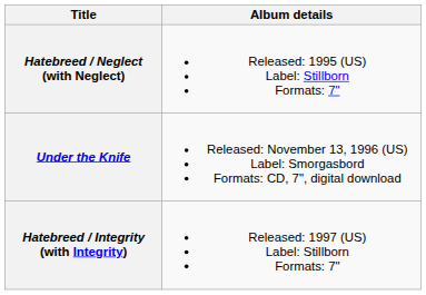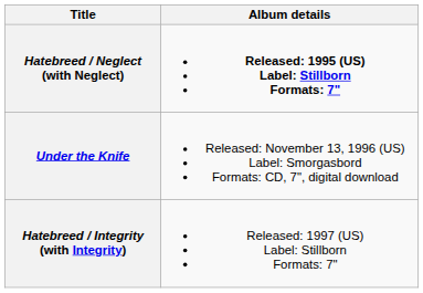 <table class="wikitable plainrowheaders" style="text-align:center;">
 <tr>
 <th scope="col" style="width:12em;">Title</th>
 <th scope="col" style="width:20em;">Album details</th>
 </tr>
 <tr>
 <th scope="row"><em>Hatebreed / Neglect</em><br><span>(with Neglect)</span></th>
-<td><br><ul><li>Released: 1995 <span>(US)</span></li><li>Label: <a href='#'>Stillborn</a></li><li>Formats: <a href='#'>7"</a></li></ul></td>
+<td><strong><br><ul><li>Released: 1995 <span>(US)</span></li><li>Label: <a href='#'>Stillborn</a></li><li>Formats: <a href='#'>7"</a></li></ul></strong></td>
 </tr>
 <tr>
 <th scope="row"><em><a href='#'>Under the Knife</a></em></th>
 <td><br><ul><li>Released: November 13, 1996 <span>(US)</span></li><li>Label: Smorgasbord</li><li>Formats: CD, 7", digital download</li></ul></td>
 </tr>
 <tr>
 <th scope="row"><em>Hatebreed / Integrity</em><br><span>(with <a href='#'>Integrity</a>)</span></th>
 <td><br><ul><li>Released: 1997 <span>(US)</span></li><li>Label: Stillborn</li><li>Formats: 7"</li></ul></td>
 </tr>
 </table>
